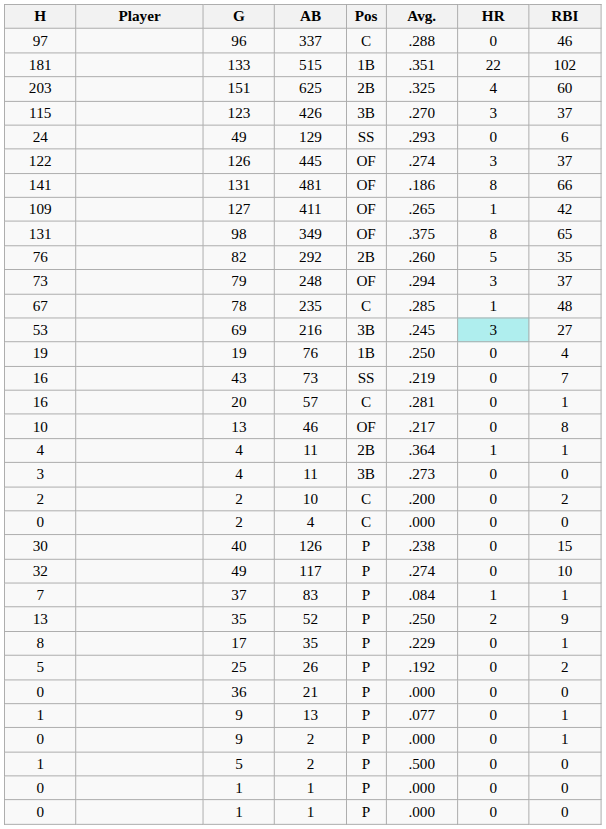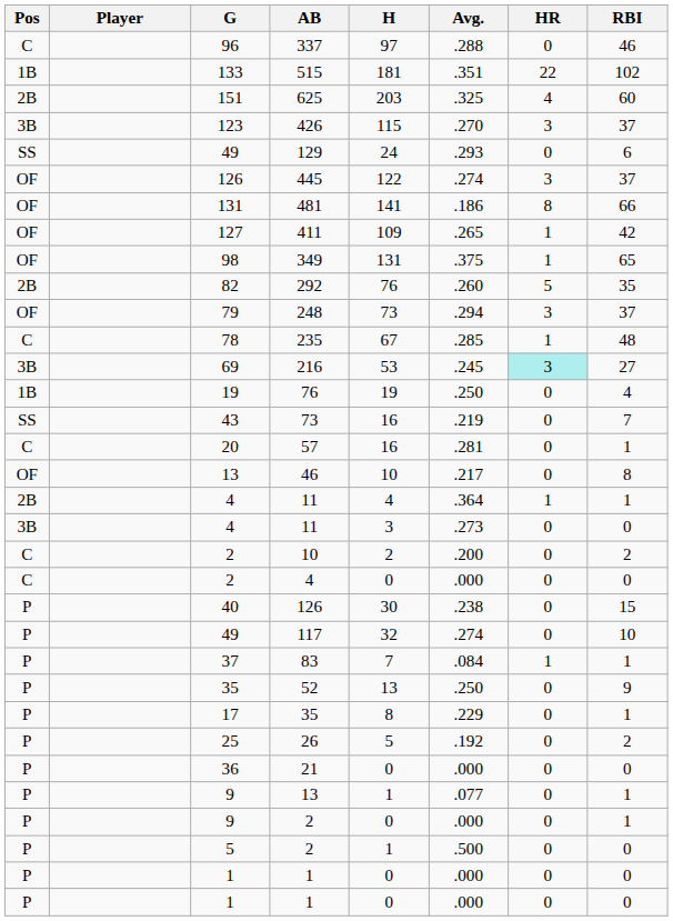 <table class="wikitable sortable">
 <tr>
-<th bgcolor="#DDDDFF" width="9%">H</th>
+<th bgcolor="#DDDDFF" width="5%">Pos</th>
 <th bgcolor="#DDDDFF" width="16%">Player</th>
 <th bgcolor="#DDDDFF" width="9%">G</th>
 <th bgcolor="#DDDDFF" width="9%">AB</th>
-<th bgcolor="#DDDDFF" width="5%">Pos</th>
+<th bgcolor="#DDDDFF" width="9%">H</th>
 <th bgcolor="#DDDDFF" width="9%">Avg.</th>
 <th bgcolor="#DDDDFF" width="9%">HR</th>
 <th bgcolor="#DDDDFF" width="9%">RBI</th>
 </tr>
 <tr align="center">
-<td>97</td>
+<td>C</td>
 <td></td>
 <td>96</td>
 <td>337</td>
-<td>C</td>
+<td>97</td>
 <td>.288</td>
 <td>0</td>
 <td>46</td>
 </tr>
 <tr align="center">
-<td>181</td>
+<td>1B</td>
 <td></td>
 <td>133</td>
 <td>515</td>
-<td>1B</td>
+<td>181</td>
 <td>.351</td>
 <td>22</td>
 <td>102</td>
 </tr>
 <tr align="center">
-<td>203</td>
+<td>2B</td>
 <td></td>
 <td>151</td>
 <td>625</td>
-<td>2B</td>
+<td>203</td>
 <td>.325</td>
 <td>4</td>
 <td>60</td>
 </tr>
 <tr align="center">
-<td>115</td>
+<td>3B</td>
 <td></td>
 <td>123</td>
 <td>426</td>
-<td>3B</td>
+<td>115</td>
 <td>.270</td>
 <td>3</td>
 <td>37</td>
 </tr>
 <tr align="center">
-<td>24</td>
+<td>SS</td>
 <td></td>
 <td>49</td>
 <td>129</td>
-<td>SS</td>
+<td>24</td>
 <td>.293</td>
 <td>0</td>
 <td>6</td>
 </tr>
 <tr align="center">
-<td>122</td>
+<td>OF</td>
 <td></td>
 <td>126</td>
 <td>445</td>
-<td>OF</td>
+<td>122</td>
 <td>.274</td>
 <td>3</td>
 <td>37</td>
 </tr>
 <tr align="center">
-<td>141</td>
+<td>OF</td>
 <td></td>
 <td>131</td>
 <td>481</td>
-<td>OF</td>
+<td>141</td>
 <td>.186</td>
 <td>8</td>
 <td>66</td>
 </tr>
 <tr align="center">
-<td>109</td>
+<td>OF</td>
 <td></td>
 <td>127</td>
 <td>411</td>
-<td>OF</td>
+<td>109</td>
 <td>.265</td>
 <td>1</td>
 <td>42</td>
 </tr>
 <tr align="center">
-<td>131</td>
+<td>OF</td>
 <td></td>
 <td>98</td>
 <td>349</td>
-<td>OF</td>
+<td>131</td>
 <td>.375</td>
-<td>8</td>
+<td>1</td>
 <td>65</td>
 </tr>
 <tr align="center">
-<td>76</td>
+<td>2B</td>
 <td></td>
 <td>82</td>
 <td>292</td>
-<td>2B</td>
+<td>76</td>
 <td>.260</td>
 <td>5</td>
 <td>35</td>
 </tr>
 <tr align="center">
-<td>73</td>
+<td>OF</td>
 <td></td>
 <td>79</td>
 <td>248</td>
-<td>OF</td>
+<td>73</td>
 <td>.294</td>
 <td>3</td>
 <td>37</td>
 </tr>
 <tr align="center">
-<td>67</td>
+<td>C</td>
 <td></td>
 <td>78</td>
 <td>235</td>
-<td>C</td>
+<td>67</td>
 <td>.285</td>
 <td>1</td>
 <td>48</td>
 </tr>
 <tr align="center">
-<td>53</td>
+<td>3B</td>
 <td></td>
 <td>69</td>
 <td>216</td>
-<td>3B</td>
+<td>53</td>
 <td>.245</td>
 <td style="background: paleturquoise;">3</td>
 <td>27</td>
 </tr>
 <tr align="center">
-<td>19</td>
+<td>1B</td>
 <td></td>
 <td>19</td>
 <td>76</td>
-<td>1B</td>
+<td>19</td>
 <td>.250</td>
 <td>0</td>
 <td>4</td>
 </tr>
 <tr align="center">
-<td>16</td>
+<td>SS</td>
 <td></td>
 <td>43</td>
 <td>73</td>
-<td>SS</td>
+<td>16</td>
 <td>.219</td>
 <td>0</td>
 <td>7</td>
 </tr>
 <tr align="center">
-<td>16</td>
+<td>C</td>
 <td></td>
 <td>20</td>
 <td>57</td>
-<td>C</td>
+<td>16</td>
 <td>.281</td>
 <td>0</td>
 <td>1</td>
 </tr>
 <tr align="center">
-<td>10</td>
+<td>OF</td>
 <td></td>
 <td>13</td>
 <td>46</td>
-<td>OF</td>
+<td>10</td>
 <td>.217</td>
 <td>0</td>
 <td>8</td>
 </tr>
 <tr align="center">
-<td>4</td>
+<td>2B</td>
 <td></td>
 <td>4</td>
 <td>11</td>
-<td>2B</td>
+<td>4</td>
 <td>.364</td>
 <td>1</td>
 <td>1</td>
 </tr>
 <tr align="center">
-<td>3</td>
+<td>3B</td>
 <td></td>
 <td>4</td>
 <td>11</td>
-<td>3B</td>
+<td>3</td>
 <td>.273</td>
 <td>0</td>
 <td>0</td>
 </tr>
 <tr align="center">
-<td>2</td>
+<td>C</td>
 <td></td>
 <td>2</td>
 <td>10</td>
-<td>C</td>
+<td>2</td>
 <td>.200</td>
 <td>0</td>
 <td>2</td>
 </tr>
 <tr align="center">
-<td>0</td>
+<td>C</td>
 <td></td>
 <td>2</td>
 <td>4</td>
-<td>C</td>
+<td>0</td>
 <td>.000</td>
 <td>0</td>
 <td>0</td>
 </tr>
 <tr align="center">
-<td>30</td>
+<td>P</td>
 <td></td>
 <td>40</td>
 <td>126</td>
-<td>P</td>
+<td>30</td>
 <td>.238</td>
 <td>0</td>
 <td>15</td>
 </tr>
 <tr align="center">
-<td>32</td>
+<td>P</td>
 <td></td>
 <td>49</td>
 <td>117</td>
-<td>P</td>
+<td>32</td>
 <td>.274</td>
 <td>0</td>
 <td>10</td>
 </tr>
 <tr align="center">
-<td>7</td>
+<td>P</td>
 <td></td>
 <td>37</td>
 <td>83</td>
-<td>P</td>
+<td>7</td>
 <td>.084</td>
 <td>1</td>
 <td>1</td>
 </tr>
 <tr align="center">
-<td>13</td>
+<td>P</td>
 <td></td>
 <td>35</td>
 <td>52</td>
-<td>P</td>
+<td>13</td>
 <td>.250</td>
-<td>2</td>
+<td>0</td>
 <td>9</td>
 </tr>
 <tr align="center">
-<td>8</td>
+<td>P</td>
 <td></td>
 <td>17</td>
 <td>35</td>
-<td>P</td>
+<td>8</td>
 <td>.229</td>
 <td>0</td>
 <td>1</td>
 </tr>
 <tr align="center">
-<td>5</td>
+<td>P</td>
 <td></td>
 <td>25</td>
 <td>26</td>
-<td>P</td>
+<td>5</td>
 <td>.192</td>
 <td>0</td>
 <td>2</td>
 </tr>
 <tr align="center">
-<td>0</td>
+<td>P</td>
 <td></td>
 <td>36</td>
 <td>21</td>
-<td>P</td>
+<td>0</td>
 <td>.000</td>
 <td>0</td>
 <td>0</td>
 </tr>
 <tr align="center">
-<td>1</td>
+<td>P</td>
 <td></td>
 <td>9</td>
 <td>13</td>
-<td>P</td>
+<td>1</td>
 <td>.077</td>
 <td>0</td>
 <td>1</td>
 </tr>
 <tr align="center">
-<td>0</td>
+<td>P</td>
 <td></td>
 <td>9</td>
 <td>2</td>
-<td>P</td>
+<td>0</td>
 <td>.000</td>
 <td>0</td>
 <td>1</td>
 </tr>
 <tr align="center">
-<td>1</td>
+<td>P</td>
 <td></td>
 <td>5</td>
 <td>2</td>
-<td>P</td>
+<td>1</td>
 <td>.500</td>
 <td>0</td>
 <td>0</td>
 </tr>
 <tr align="center">
-<td>0</td>
+<td>P</td>
 <td></td>
 <td>1</td>
 <td>1</td>
-<td>P</td>
+<td>0</td>
 <td>.000</td>
 <td>0</td>
 <td>0</td>
 </tr>
 <tr align="center">
-<td>0</td>
+<td>P</td>
 <td></td>
 <td>1</td>
 <td>1</td>
-<td>P</td>
+<td>0</td>
 <td>.000</td>
 <td>0</td>
 <td>0</td>
 </tr>
 </table>
